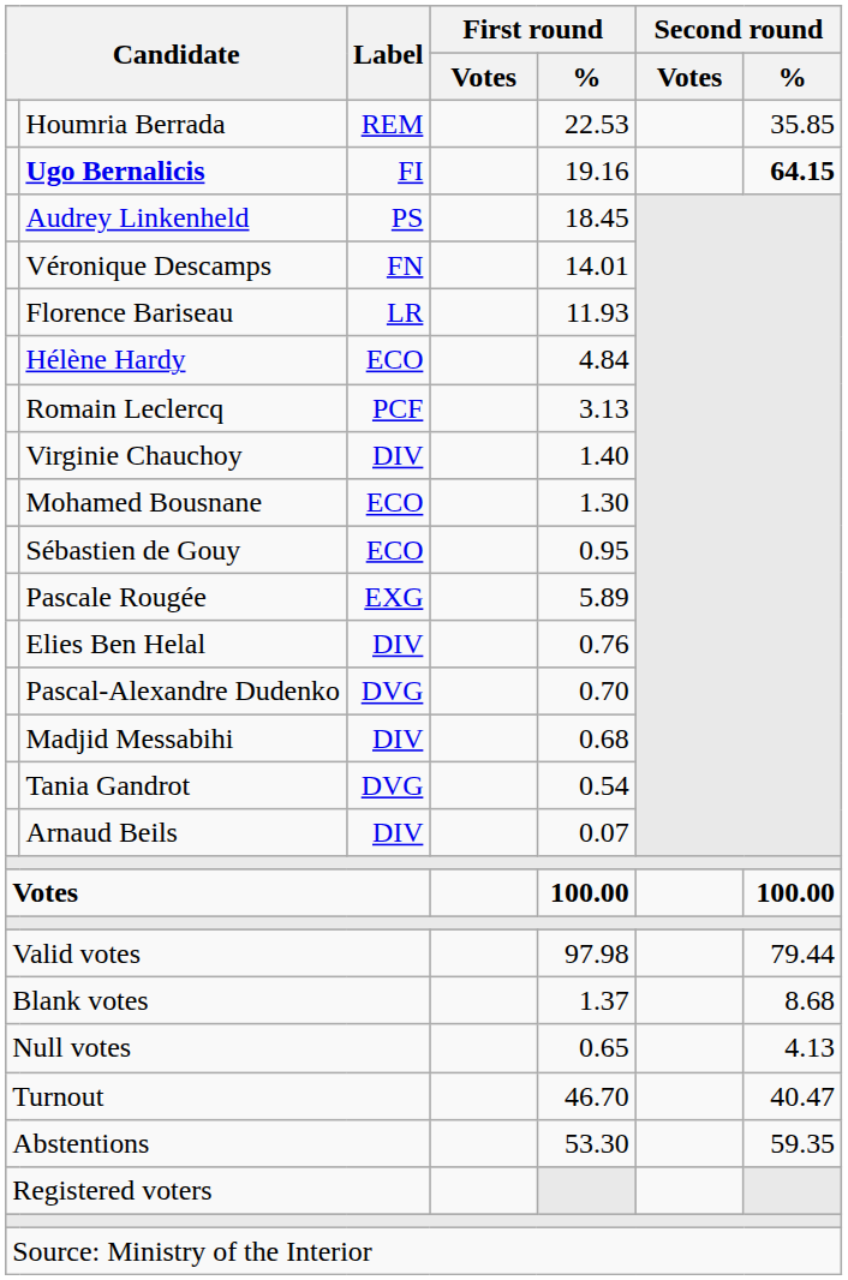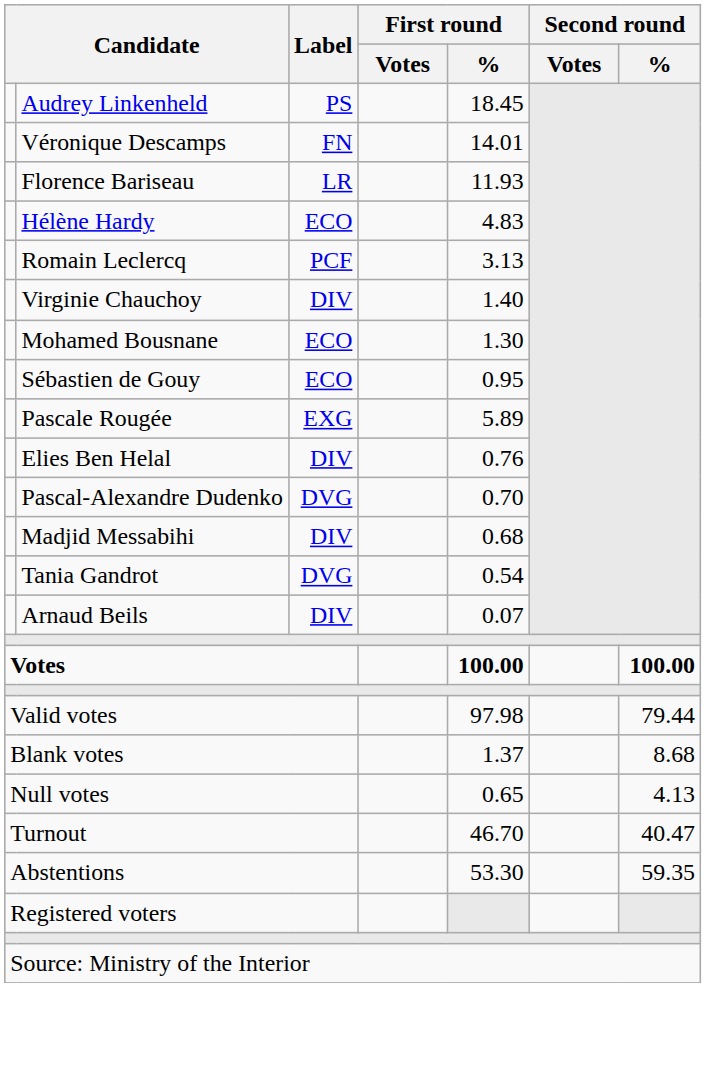 <table class="wikitable" style="text-align:right;font-size:95%;">
 <tr>
 <th rowspan="2" colspan="2">Candidate</th>
 <th rowspan="2">Label</th>
 <th colspan="2">First round</th>
 <th colspan="2">Second round</th>
 </tr>
 <tr>
 <th style="width:50px;">Votes</th>
 <th style="width:45px;">%</th>
 <th style="width:50px;">Votes</th>
 <th style="width:45px;">%</th>
-</tr>
-<tr>
-<td style="color:inherit;background:"></td>
-<td style="text-align:left;">Houmria Berrada</td>
-<td><a href='#'>REM</a></td>
-<td></td>
-<td>22.53</td>
-<td></td>
-<td>35.85</td>
-</tr>
-<tr>
-<td style="color:inherit;background:"></td>
-<td style="text-align:left;"><strong><a href='#'>Ugo Bernalicis</a></strong></td>
-<td><a href='#'>FI</a></td>
-<td></td>
-<td>19.16</td>
-<td><strong></strong></td>
-<td><strong>64.15</strong></td>
 </tr>
 <tr>
 <td style="color:inherit;background:"></td>
 <td style="text-align:left;"><a href='#'>Audrey Linkenheld</a></td>
 <td><a href='#'>PS</a></td>
 <td></td>
 <td>18.45</td>
 <td colspan="2" rowspan="14" style="background:#E9E9E9;"></td>
 </tr>
 <tr>
 <td style="color:inherit;background:"></td>
 <td style="text-align:left;">Véronique Descamps</td>
 <td><a href='#'>FN</a></td>
 <td></td>
 <td>14.01</td>
 </tr>
 <tr>
 <td style="color:inherit;background:"></td>
 <td style="text-align:left;">Florence Bariseau</td>
 <td><a href='#'>LR</a></td>
 <td></td>
 <td>11.93</td>
 </tr>
 <tr>
 <td style="color:inherit;background:"></td>
 <td style="text-align:left;"><a href='#'>Hélène Hardy</a></td>
 <td><a href='#'>ECO</a></td>
 <td></td>
-<td>4.84</td>
+<td>4.83</td>
 </tr>
 <tr>
 <td style="color:inherit;background:"></td>
 <td style="text-align:left;">Romain Leclercq</td>
 <td><a href='#'>PCF</a></td>
 <td></td>
 <td>3.13</td>
 </tr>
 <tr>
 <td style="color:inherit;background:"></td>
 <td style="text-align:left;">Virginie Chauchoy</td>
 <td><a href='#'>DIV</a></td>
 <td></td>
 <td>1.40</td>
 </tr>
 <tr>
 <td style="color:inherit;background:"></td>
 <td style="text-align:left;">Mohamed Bousnane</td>
 <td><a href='#'>ECO</a></td>
 <td></td>
 <td>1.30</td>
 </tr>
 <tr>
 <td style="color:inherit;background:"></td>
 <td style="text-align:left;">Sébastien de Gouy</td>
 <td><a href='#'>ECO</a></td>
 <td></td>
 <td>0.95</td>
 </tr>
 <tr>
 <td style="color:inherit;background:"></td>
 <td style="text-align:left;">Pascale Rougée</td>
 <td><a href='#'>EXG</a></td>
 <td></td>
 <td>5.89</td>
 </tr>
 <tr>
 <td style="color:inherit;background:"></td>
 <td style="text-align:left;">Elies Ben Helal</td>
 <td><a href='#'>DIV</a></td>
 <td></td>
 <td>0.76</td>
 </tr>
 <tr>
 <td style="color:inherit;background:"></td>
 <td style="text-align:left;">Pascal-Alexandre Dudenko</td>
 <td><a href='#'>DVG</a></td>
 <td></td>
 <td>0.70</td>
 </tr>
 <tr>
 <td style="color:inherit;background:"></td>
 <td style="text-align:left;">Madjid Messabihi</td>
 <td><a href='#'>DIV</a></td>
 <td></td>
 <td>0.68</td>
 </tr>
 <tr>
 <td style="color:inherit;background:"></td>
 <td style="text-align:left;">Tania Gandrot</td>
 <td><a href='#'>DVG</a></td>
 <td></td>
 <td>0.54</td>
 </tr>
 <tr>
 <td style="color:inherit;background:"></td>
 <td style="text-align:left;">Arnaud Beils</td>
 <td><a href='#'>DIV</a></td>
 <td></td>
 <td>0.07</td>
 </tr>
 <tr>
 <td colspan="7" style="background:#E9E9E9;"></td>
 </tr>
 <tr style="font-weight:bold;">
 <td colspan="3" style="text-align:left;">Votes</td>
 <td></td>
 <td>100.00</td>
 <td></td>
 <td>100.00</td>
 </tr>
 <tr>
 <td colspan="7" style="background:#E9E9E9;"></td>
 </tr>
 <tr>
 <td colspan="3" style="text-align:left;">Valid votes</td>
 <td></td>
 <td>97.98</td>
 <td></td>
 <td>79.44</td>
 </tr>
 <tr>
 <td colspan="3" style="text-align:left;">Blank votes</td>
 <td></td>
 <td>1.37</td>
 <td></td>
 <td>8.68</td>
 </tr>
 <tr>
 <td colspan="3" style="text-align:left;">Null votes</td>
 <td></td>
 <td>0.65</td>
 <td></td>
 <td>4.13</td>
 </tr>
 <tr>
 <td colspan="3" style="text-align:left;">Turnout</td>
 <td></td>
 <td>46.70</td>
 <td></td>
 <td>40.47</td>
 </tr>
 <tr>
 <td colspan="3" style="text-align:left;">Abstentions</td>
 <td></td>
 <td>53.30</td>
 <td></td>
 <td>59.35</td>
 </tr>
 <tr>
 <td colspan="3" style="text-align:left;">Registered voters</td>
 <td></td>
 <td style="background:#E9E9E9;"></td>
 <td></td>
 <td style="background:#E9E9E9;"></td>
 </tr>
 <tr>
 <td colspan="7" style="background:#E9E9E9;"></td>
 </tr>
 <tr>
 <td colspan="7" style="text-align:left;">Source: Ministry of the Interior</td>
 </tr>
 </table>
